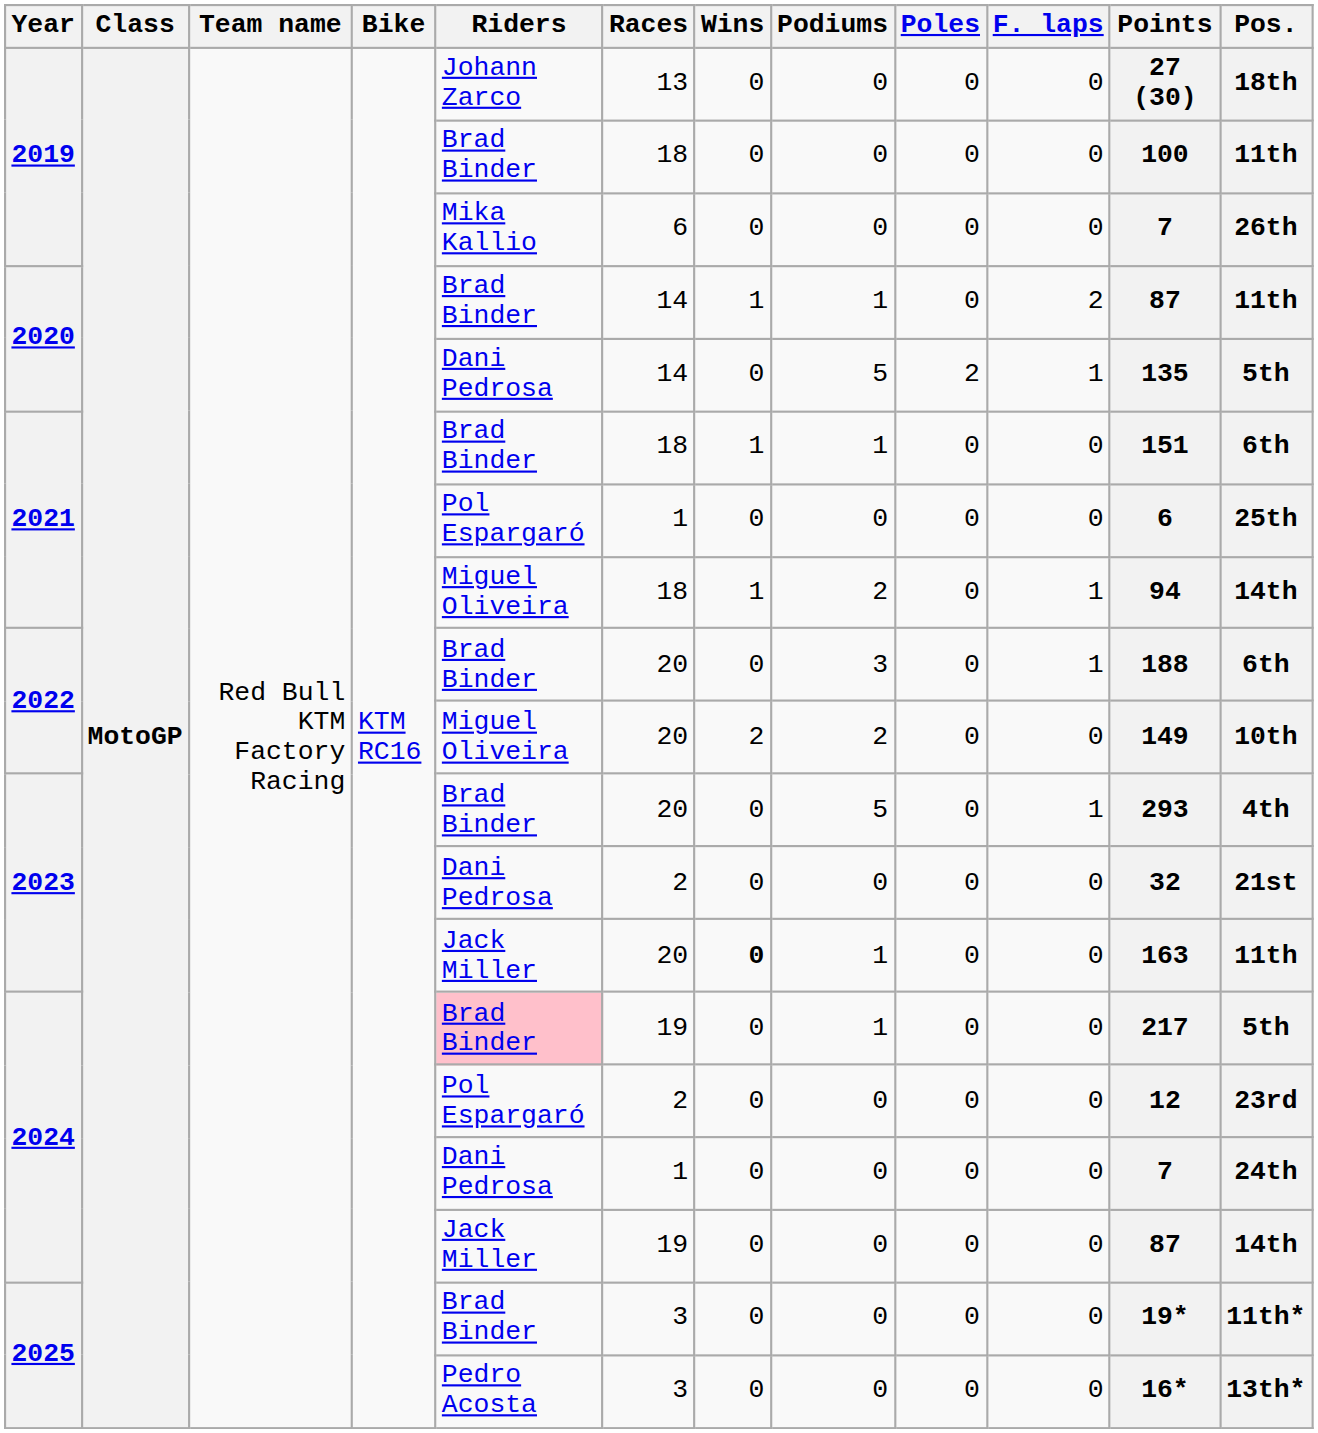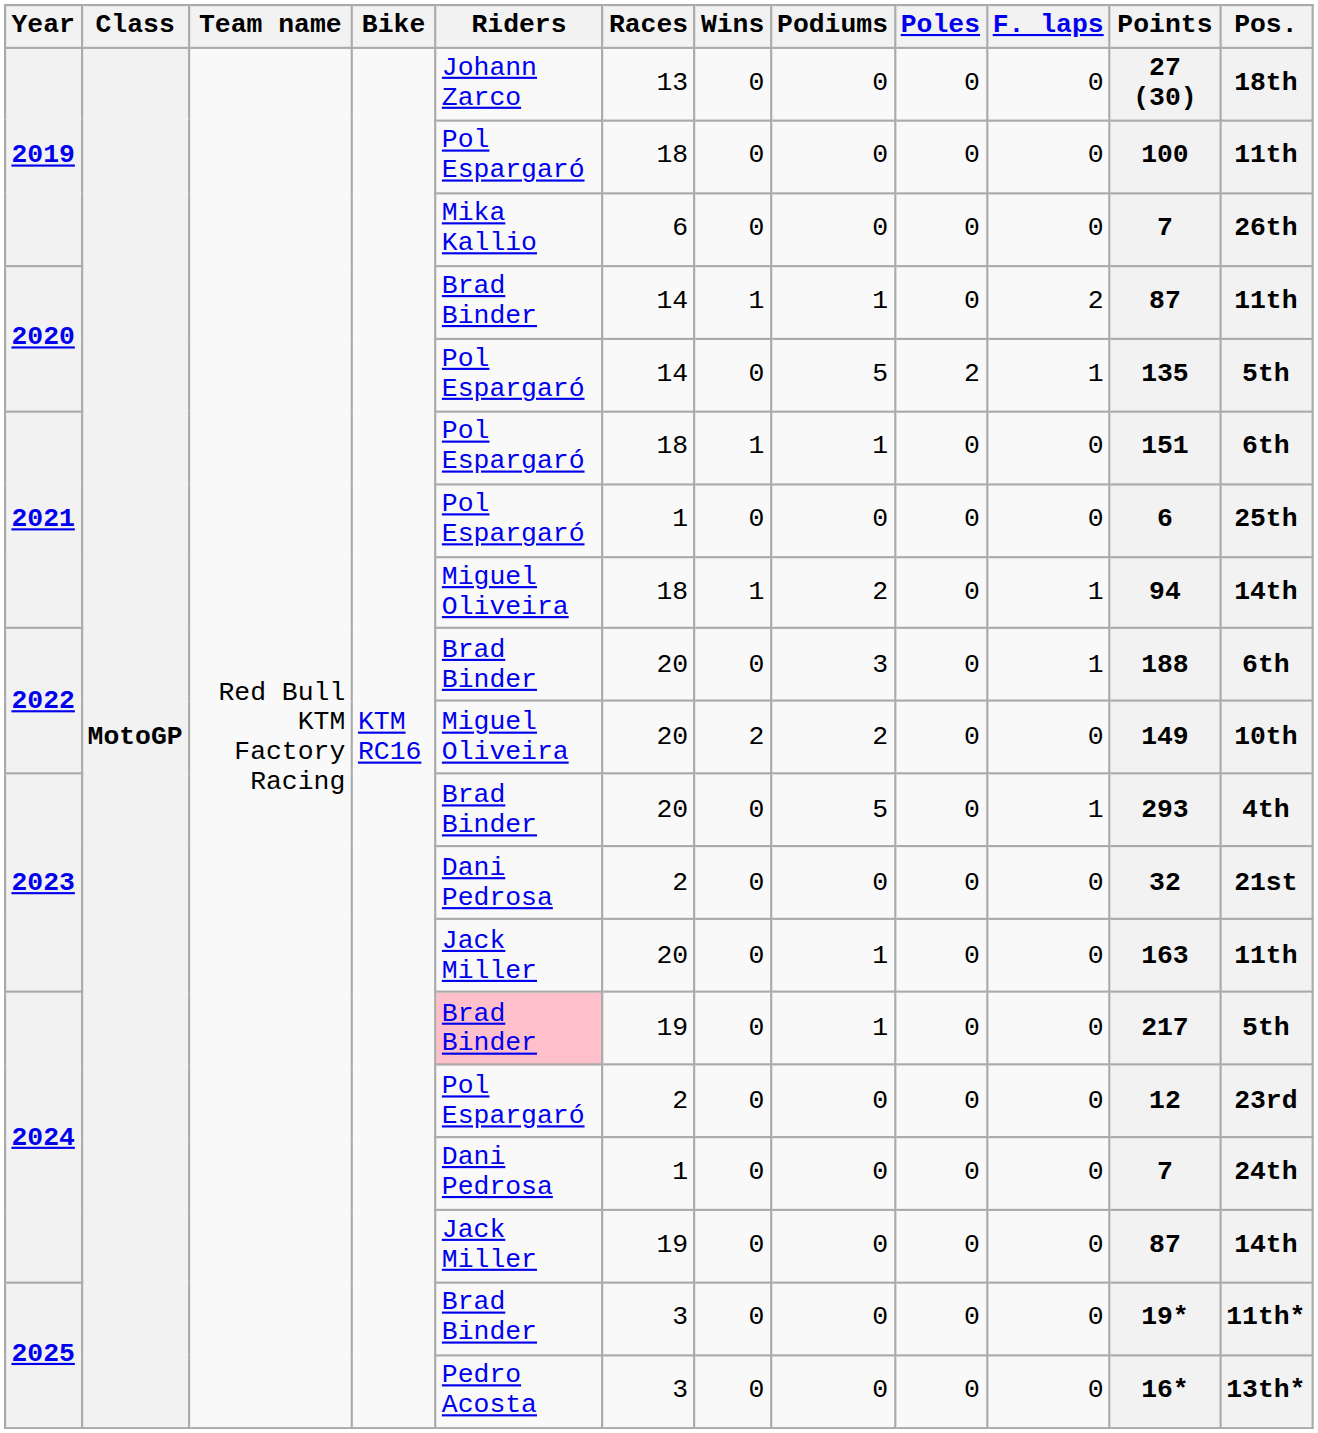 <table class="wikitable" style="text-align:right; font-size:95%">
 <tr>
 <th scope="col">Year</th>
 <th scope="col">Class</th>
 <th scope="col">Team name</th>
 <th scope="col">Bike</th>
 <th scope="col">Riders</th>
 <th scope="col">Races</th>
 <th scope="col">Wins</th>
 <th scope="col">Podiums</th>
 <th scope="col"><a href='#'>Poles</a></th>
 <th scope="col"><a href='#'>F. laps</a></th>
 <th scope="col">Points</th>
 <th scope="col">Pos.</th>
 </tr>
 <tr>
 <th rowspan="3"><a href='#'>2019</a></th>
 <th rowspan="19">MotoGP</th>
 <td rowspan="19">Red Bull KTM Factory Racing</td>
 <td rowspan="19" align="left"><a href='#'>KTM RC16</a></td>
 <td align="left"> <a href='#'>Johann Zarco</a></td>
 <td>13</td>
 <td>0</td>
 <td>0</td>
 <td>0</td>
 <td>0</td>
 <th>27 (30)</th>
 <th>18th</th>
 </tr>
 <tr>
-<td align="left"> <a href='#'>Brad Binder</a></td>
+<td align="left"> <a href='#'>Pol Espargaró</a></td>
 <td>18</td>
 <td>0</td>
 <td>0</td>
 <td>0</td>
 <td>0</td>
 <th>100</th>
 <th>11th</th>
 </tr>
 <tr>
 <td align="left"> <a href='#'>Mika Kallio</a></td>
 <td>6</td>
 <td>0</td>
 <td>0</td>
 <td>0</td>
 <td>0</td>
 <th>7</th>
 <th>26th</th>
 </tr>
 <tr>
 <th rowspan="2"><a href='#'>2020</a></th>
 <td align="left"> <a href='#'>Brad Binder</a></td>
 <td>14</td>
 <td>1</td>
 <td>1</td>
 <td>0</td>
 <td>2</td>
 <th>87</th>
 <th>11th</th>
 </tr>
 <tr>
-<td align="left"> <a href='#'>Dani Pedrosa</a></td>
+<td align="left"> <a href='#'>Pol Espargaró</a></td>
 <td>14</td>
 <td>0</td>
 <td>5</td>
 <td>2</td>
 <td>1</td>
 <th>135</th>
 <th>5th</th>
 </tr>
 <tr>
 <th rowspan="3"><a href='#'>2021</a></th>
-<td align="left"> <a href='#'>Brad Binder</a></td>
+<td align="left"> <a href='#'>Pol Espargaró</a></td>
 <td>18</td>
 <td>1</td>
 <td>1</td>
 <td>0</td>
 <td>0</td>
 <th>151</th>
 <th>6th</th>
 </tr>
 <tr>
 <td align="left"> <a href='#'>Pol Espargaró</a></td>
 <td>1</td>
 <td>0</td>
 <td>0</td>
 <td>0</td>
 <td>0</td>
 <th>6</th>
 <th>25th</th>
 </tr>
 <tr>
 <td align="left"> <a href='#'>Miguel Oliveira</a></td>
 <td>18</td>
 <td>1</td>
 <td>2</td>
 <td>0</td>
 <td>1</td>
 <th>94</th>
 <th>14th</th>
 </tr>
 <tr>
 <th rowspan="2"><a href='#'>2022</a></th>
 <td align="left"> <a href='#'>Brad Binder</a></td>
 <td>20</td>
 <td>0</td>
 <td>3</td>
 <td>0</td>
 <td>1</td>
 <th>188</th>
 <th>6th</th>
 </tr>
 <tr>
 <td align="left"> <a href='#'>Miguel Oliveira</a></td>
 <td>20</td>
 <td>2</td>
 <td>2</td>
 <td>0</td>
 <td>0</td>
 <th>149</th>
 <th>10th</th>
 </tr>
 <tr>
 <th rowspan="3"><a href='#'>2023</a></th>
 <td align="left"> <a href='#'>Brad Binder</a></td>
 <td>20</td>
 <td>0</td>
 <td>5</td>
 <td>0</td>
 <td>1</td>
 <th>293</th>
 <th>4th</th>
 </tr>
 <tr>
 <td align="left"> <a href='#'>Dani Pedrosa</a></td>
 <td>2</td>
 <td>0</td>
 <td>0</td>
 <td>0</td>
 <td>0</td>
 <th>32</th>
 <th>21st</th>
 </tr>
 <tr>
 <td align="left"> <a href='#'>Jack Miller</a></td>
 <td>20</td>
-<td><strong>0</strong></td>
+<td>0</td>
 <td>1</td>
 <td>0</td>
 <td>0</td>
 <th>163</th>
 <th>11th</th>
 </tr>
 <tr>
 <th rowspan="4"><a href='#'>2024</a></th>
 <td align="left" style="background: pink;"> <a href='#'>Brad Binder</a></td>
 <td>19</td>
 <td>0</td>
 <td>1</td>
 <td>0</td>
 <td>0</td>
 <th>217</th>
 <th>5th</th>
 </tr>
 <tr>
 <td align="left"> <a href='#'>Pol Espargaró</a></td>
 <td>2</td>
 <td>0</td>
 <td>0</td>
 <td>0</td>
 <td>0</td>
 <th>12</th>
 <th>23rd</th>
 </tr>
 <tr>
 <td align="left"> <a href='#'>Dani Pedrosa</a></td>
 <td>1</td>
 <td>0</td>
 <td>0</td>
 <td>0</td>
 <td>0</td>
 <th>7</th>
 <th>24th</th>
 </tr>
 <tr>
 <td align="left"> <a href='#'>Jack Miller</a></td>
 <td>19</td>
 <td>0</td>
 <td>0</td>
 <td>0</td>
 <td>0</td>
 <th>87</th>
 <th>14th</th>
 </tr>
 <tr>
 <th rowspan="2"><a href='#'>2025</a></th>
 <td align="left"> <a href='#'>Brad Binder</a></td>
 <td>3</td>
 <td>0</td>
 <td>0</td>
 <td>0</td>
 <td>0</td>
 <th>19*</th>
 <th>11th*</th>
 </tr>
 <tr>
 <td align="left"> <a href='#'>Pedro Acosta</a></td>
 <td>3</td>
 <td>0</td>
 <td>0</td>
 <td>0</td>
 <td>0</td>
 <th>16*</th>
 <th>13th*</th>
 </tr>
 </table>
